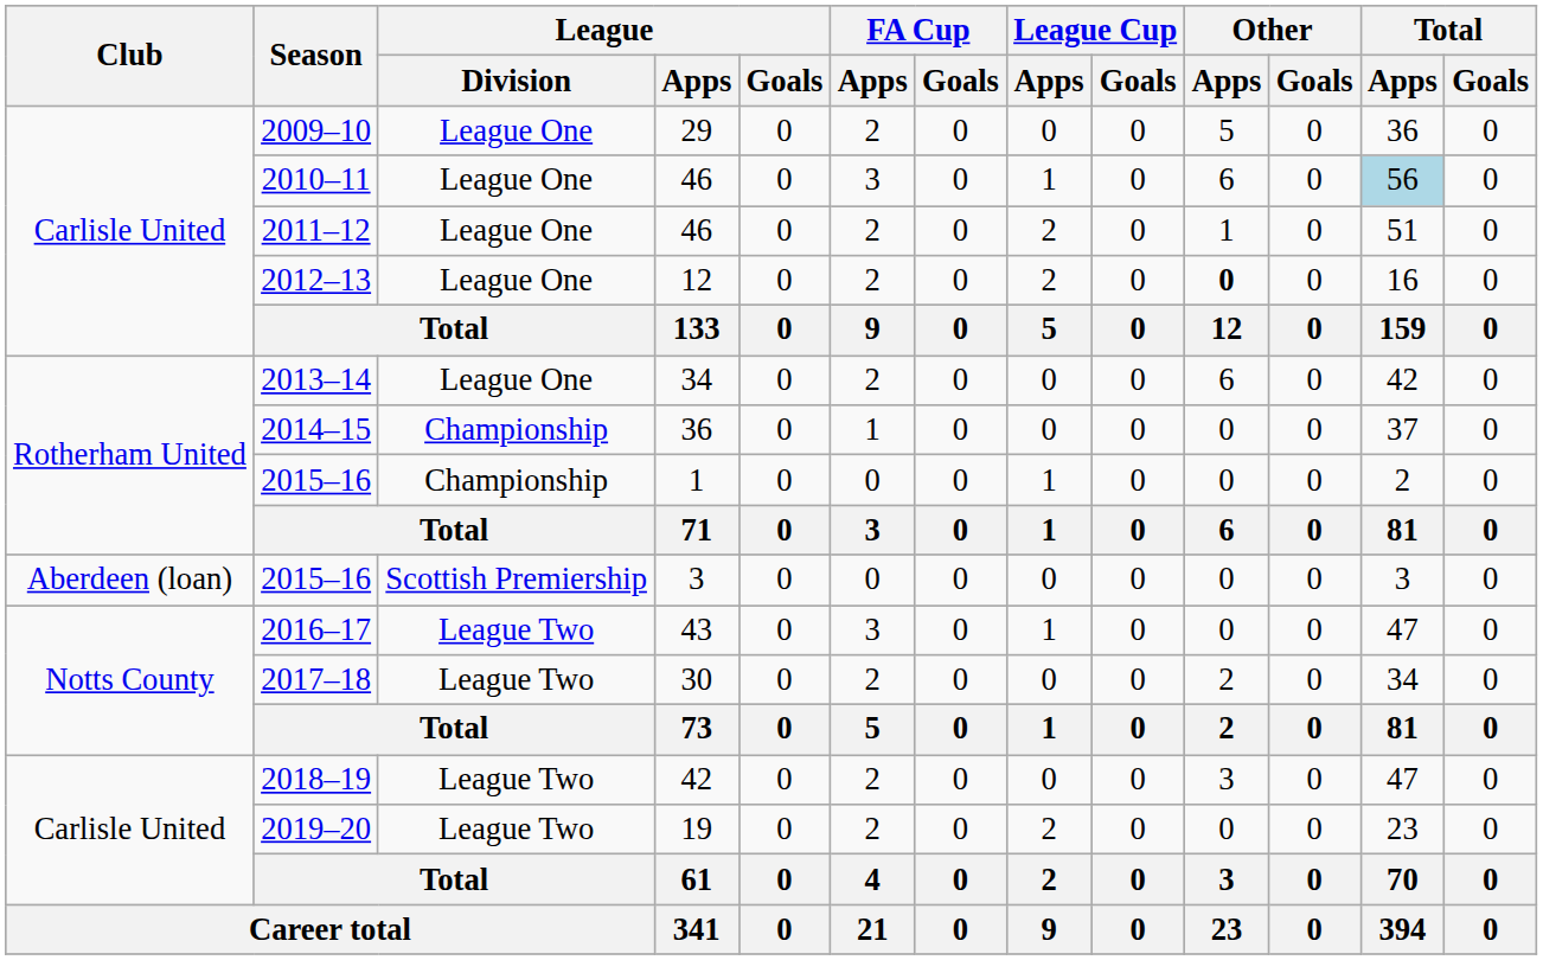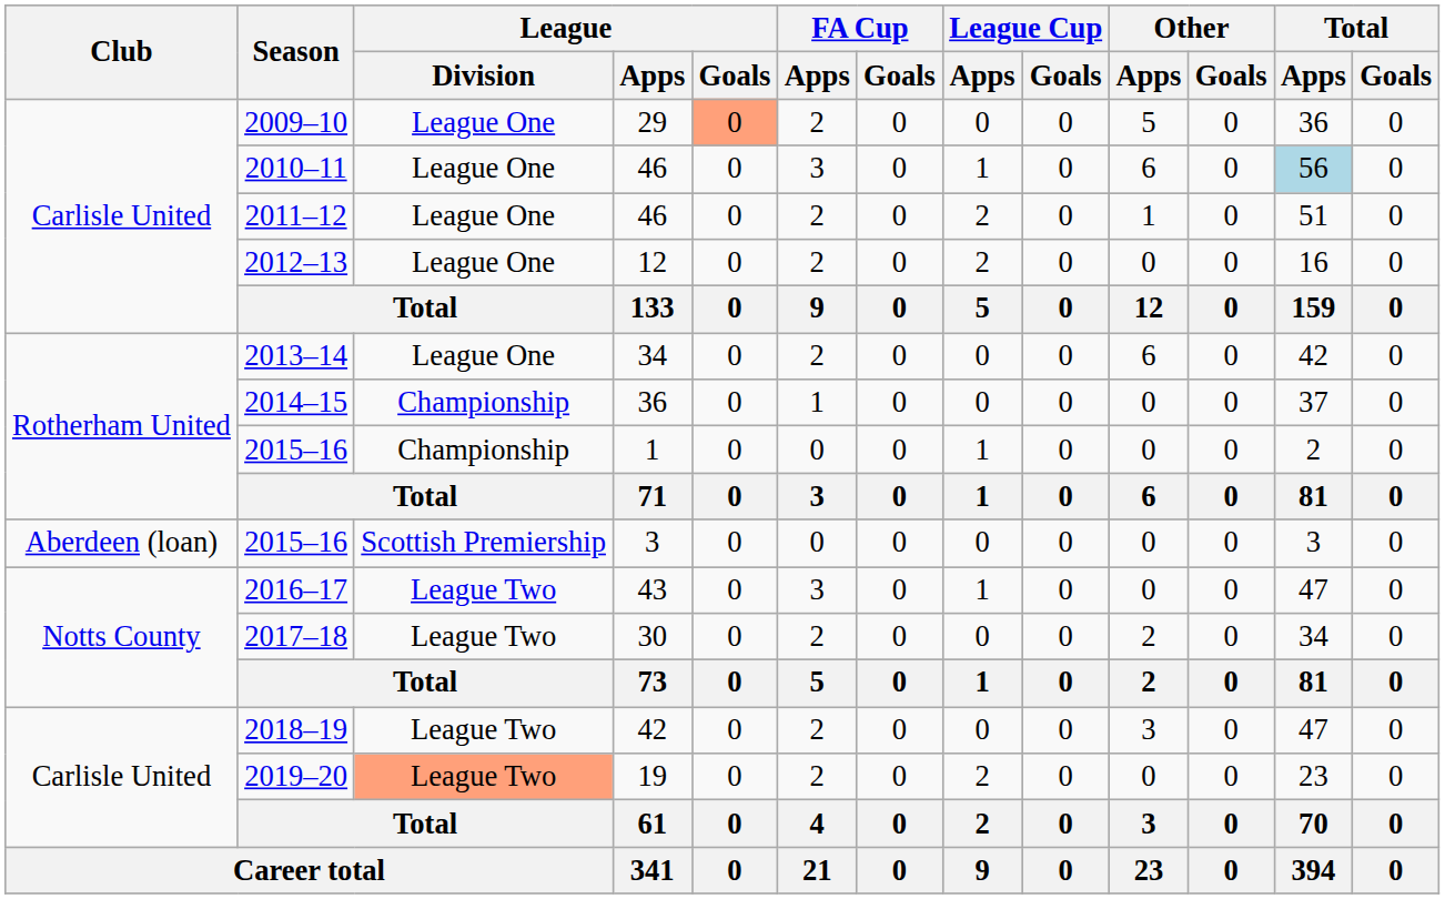 <table class="wikitable" style="text-align: center">
 <tr>
 <th rowspan="2">Club</th>
 <th rowspan="2">Season</th>
 <th colspan="3">League</th>
 <th colspan="2"><a href='#'>FA Cup</a></th>
 <th colspan="2"><a href='#'>League Cup</a></th>
 <th colspan="2">Other</th>
 <th colspan="2">Total</th>
 </tr>
 <tr>
 <th>Division</th>
 <th>Apps</th>
 <th>Goals</th>
 <th>Apps</th>
 <th>Goals</th>
 <th>Apps</th>
 <th>Goals</th>
 <th>Apps</th>
 <th>Goals</th>
 <th>Apps</th>
 <th>Goals</th>
 </tr>
 <tr>
 <td rowspan="5"><a href='#'>Carlisle United</a></td>
 <td><a href='#'>2009–10</a></td>
 <td><a href='#'>League One</a></td>
 <td>29</td>
-<td>0</td>
+<td style="background: lightsalmon;">0</td>
 <td>2</td>
 <td>0</td>
 <td>0</td>
 <td>0</td>
 <td>5</td>
 <td>0</td>
 <td>36</td>
 <td>0</td>
 </tr>
 <tr>
 <td><a href='#'>2010–11</a></td>
 <td>League One</td>
 <td>46</td>
 <td>0</td>
 <td>3</td>
 <td>0</td>
 <td>1</td>
 <td>0</td>
 <td>6</td>
 <td>0</td>
 <td style="background: lightblue;">56</td>
 <td>0</td>
 </tr>
 <tr>
 <td><a href='#'>2011–12</a></td>
 <td>League One</td>
 <td>46</td>
 <td>0</td>
 <td>2</td>
 <td>0</td>
 <td>2</td>
 <td>0</td>
 <td>1</td>
 <td>0</td>
 <td>51</td>
 <td>0</td>
 </tr>
 <tr>
 <td><a href='#'>2012–13</a></td>
 <td>League One</td>
 <td>12</td>
 <td>0</td>
 <td>2</td>
 <td>0</td>
 <td>2</td>
 <td>0</td>
-<td><strong>0</strong></td>
+<td>0</td>
 <td>0</td>
 <td>16</td>
 <td>0</td>
 </tr>
 <tr>
 <th colspan="2">Total</th>
 <th>133</th>
 <th>0</th>
 <th>9</th>
 <th>0</th>
 <th>5</th>
 <th>0</th>
 <th>12</th>
 <th>0</th>
 <th>159</th>
 <th>0</th>
 </tr>
 <tr>
 <td rowspan="4"><a href='#'>Rotherham United</a></td>
 <td><a href='#'>2013–14</a></td>
 <td>League One</td>
 <td>34</td>
 <td>0</td>
 <td>2</td>
 <td>0</td>
 <td>0</td>
 <td>0</td>
 <td>6</td>
 <td>0</td>
 <td>42</td>
 <td>0</td>
 </tr>
 <tr>
 <td><a href='#'>2014–15</a></td>
 <td><a href='#'>Championship</a></td>
 <td>36</td>
 <td>0</td>
 <td>1</td>
 <td>0</td>
 <td>0</td>
 <td>0</td>
 <td>0</td>
 <td>0</td>
 <td>37</td>
 <td>0</td>
 </tr>
 <tr>
 <td><a href='#'>2015–16</a></td>
 <td>Championship</td>
 <td>1</td>
 <td>0</td>
 <td>0</td>
 <td>0</td>
 <td>1</td>
 <td>0</td>
 <td>0</td>
 <td>0</td>
 <td>2</td>
 <td>0</td>
 </tr>
 <tr>
 <th colspan="2">Total</th>
 <th>71</th>
 <th>0</th>
 <th>3</th>
 <th>0</th>
 <th>1</th>
 <th>0</th>
 <th>6</th>
 <th>0</th>
 <th>81</th>
 <th>0</th>
 </tr>
 <tr>
 <td><a href='#'>Aberdeen</a> (loan)</td>
 <td><a href='#'>2015–16</a></td>
 <td><a href='#'>Scottish Premiership</a></td>
 <td>3</td>
 <td>0</td>
 <td>0</td>
 <td>0</td>
 <td>0</td>
 <td>0</td>
 <td>0</td>
 <td>0</td>
 <td>3</td>
 <td>0</td>
 </tr>
 <tr>
 <td rowspan="3"><a href='#'>Notts County</a></td>
 <td><a href='#'>2016–17</a></td>
 <td><a href='#'>League Two</a></td>
 <td>43</td>
 <td>0</td>
 <td>3</td>
 <td>0</td>
 <td>1</td>
 <td>0</td>
 <td>0</td>
 <td>0</td>
 <td>47</td>
 <td>0</td>
 </tr>
 <tr>
 <td><a href='#'>2017–18</a></td>
 <td>League Two</td>
 <td>30</td>
 <td>0</td>
 <td>2</td>
 <td>0</td>
 <td>0</td>
 <td>0</td>
 <td>2</td>
 <td>0</td>
 <td>34</td>
 <td>0</td>
 </tr>
 <tr>
 <th colspan="2">Total</th>
 <th>73</th>
 <th>0</th>
 <th>5</th>
 <th>0</th>
 <th>1</th>
 <th>0</th>
 <th>2</th>
 <th>0</th>
 <th>81</th>
 <th>0</th>
 </tr>
 <tr>
 <td rowspan="3">Carlisle United</td>
 <td><a href='#'>2018–19</a></td>
 <td>League Two</td>
 <td>42</td>
 <td>0</td>
 <td>2</td>
 <td>0</td>
 <td>0</td>
 <td>0</td>
 <td>3</td>
 <td>0</td>
 <td>47</td>
 <td>0</td>
 </tr>
 <tr>
 <td><a href='#'>2019–20</a></td>
-<td>League Two</td>
+<td style="background: lightsalmon;">League Two</td>
 <td>19</td>
 <td>0</td>
 <td>2</td>
 <td>0</td>
 <td>2</td>
 <td>0</td>
 <td>0</td>
 <td>0</td>
 <td>23</td>
 <td>0</td>
 </tr>
 <tr>
 <th colspan="2">Total</th>
 <th>61</th>
 <th>0</th>
 <th>4</th>
 <th>0</th>
 <th>2</th>
 <th>0</th>
 <th>3</th>
 <th>0</th>
 <th>70</th>
 <th>0</th>
 </tr>
 <tr>
 <th colspan="3">Career total</th>
 <th>341</th>
 <th>0</th>
 <th>21</th>
 <th>0</th>
 <th>9</th>
 <th>0</th>
 <th>23</th>
 <th>0</th>
 <th>394</th>
 <th>0</th>
 </tr>
 </table>
